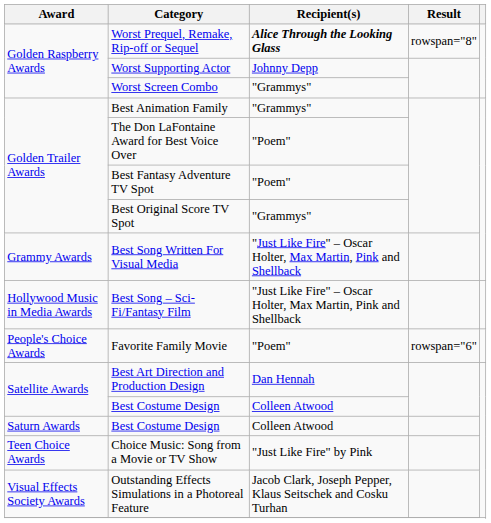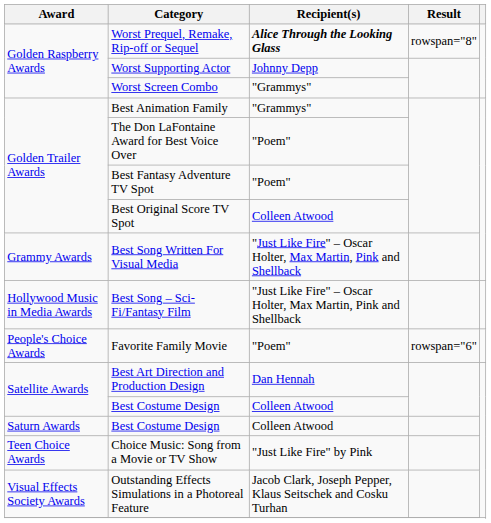 <table class="wikitable sortable plainrowheaders" style="width: 99%;">
 <tr style="background:#ccc; text-align:center;">
 <th>Award</th>
 <th>Category</th>
 <th>Recipient(s)</th>
 <th>Result</th>
 <th></th>
 </tr>
 <tr>
 <td rowspan="3"><a href='#'>Golden Raspberry Awards</a></td>
 <td><a href='#'>Worst Prequel, Remake, Rip-off or Sequel</a></td>
 <td><strong><em>Alice Through the Looking Glass</em></strong></td>
 <td>rowspan="8" </td>
 <td rowspan="3"></td>
 </tr>
 <tr>
 <td><a href='#'>Worst Supporting Actor</a></td>
 <td><a href='#'>Johnny Depp</a></td>
 </tr>
 <tr>
 <td><a href='#'>Worst Screen Combo</a></td>
 <td>"Grammys"</td>
 </tr>
 <tr>
 <td rowspan="4"><a href='#'>Golden Trailer Awards</a></td>
 <td>Best Animation Family</td>
 <td>"Grammys"</td>
 <td rowspan="4"></td>
 </tr>
 <tr>
 <td>The Don LaFontaine Award for Best Voice Over</td>
 <td>"Poem"</td>
 </tr>
 <tr>
 <td>Best Fantasy Adventure TV Spot</td>
 <td>"Poem"</td>
 </tr>
 <tr>
 <td>Best Original Score TV Spot</td>
-<td>"Grammys"</td>
+<td><a href='#'>Colleen Atwood</a></td>
 </tr>
 <tr>
 <td><a href='#'>Grammy Awards</a></td>
 <td><a href='#'>Best Song Written For Visual Media</a></td>
 <td>"<a href='#'>Just Like Fire</a>" – Oscar Holter, <a href='#'>Max Martin</a>, <a href='#'>Pink</a> and <a href='#'>Shellback</a></td>
 <td></td>
 </tr>
 <tr>
 <td><a href='#'>Hollywood Music in Media Awards</a></td>
 <td><a href='#'>Best Song – Sci-Fi/Fantasy Film</a></td>
 <td>"Just Like Fire" – Oscar Holter, Max Martin, Pink and Shellback</td>
 <td></td>
 <td></td>
 </tr>
 <tr>
 <td><a href='#'>People's Choice Awards</a></td>
 <td>Favorite Family Movie</td>
 <td>"Poem"</td>
 <td>rowspan="6" </td>
 <td></td>
 </tr>
 <tr>
 <td rowspan="2"><a href='#'>Satellite Awards</a></td>
 <td><a href='#'>Best Art Direction and Production Design</a></td>
 <td><a href='#'>Dan Hennah</a></td>
 <td rowspan="2"></td>
 </tr>
 <tr>
 <td><a href='#'>Best Costume Design</a></td>
 <td><a href='#'>Colleen Atwood</a></td>
 </tr>
 <tr>
 <td><a href='#'>Saturn Awards</a></td>
 <td><a href='#'>Best Costume Design</a></td>
 <td>Colleen Atwood</td>
 <td></td>
 </tr>
 <tr>
 <td><a href='#'>Teen Choice Awards</a></td>
 <td>Choice Music: Song from a Movie or TV Show</td>
 <td>"Just Like Fire" by Pink</td>
 <td></td>
 </tr>
 <tr>
 <td><a href='#'>Visual Effects Society Awards</a></td>
 <td>Outstanding Effects Simulations in a Photoreal Feature</td>
 <td>Jacob Clark, Joseph Pepper, Klaus Seitschek and Cosku Turhan</td>
 <td></td>
 </tr>
 <tr>
 </tr>
 </table>
